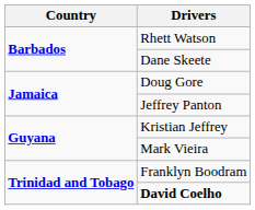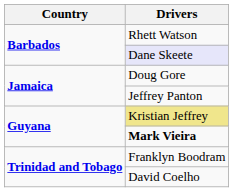 <table class="wikitable">
 <tr>
 <th>Country</th>
 <th>Drivers</th>
 </tr>
 <tr>
 <td rowspan=2><strong><a href='#'>Barbados</a></strong></td>
 <td> Rhett Watson</td>
 </tr>
 <tr>
-<td> Dane Skeete</td>
+<td style="background: lavender;"> Dane Skeete</td>
 </tr>
 <tr>
 <td rowspan=2><strong><a href='#'>Jamaica</a></strong></td>
 <td> Doug Gore</td>
 </tr>
 <tr>
 <td> Jeffrey Panton</td>
 </tr>
 <tr>
 <td rowspan=2><strong><a href='#'>Guyana</a></strong></td>
-<td> Kristian Jeffrey</td>
+<td style="background: khaki;"> Kristian Jeffrey</td>
 </tr>
 <tr>
-<td> Mark Vieira</td>
+<td><strong> Mark Vieira</strong></td>
 </tr>
 <tr>
 <td rowspan=2><strong><a href='#'>Trinidad and Tobago</a></strong></td>
 <td> Franklyn Boodram</td>
 </tr>
 <tr>
-<td><strong> David Coelho</strong></td>
+<td> David Coelho</td>
 </tr>
 </table>
